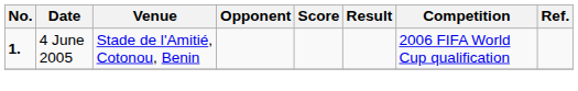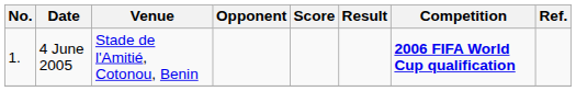 <table class="wikitable" style="font-size:100%;">
 <tr>
 <th>No.</th>
 <th>Date</th>
 <th>Venue</th>
 <th>Opponent</th>
 <th>Score</th>
 <th>Result</th>
 <th>Competition</th>
 <th>Ref.</th>
 </tr>
 <tr>
-<td><strong>1.</strong></td>
+<td>1.</td>
 <td>4 June 2005</td>
 <td><a href='#'>Stade de l'Amitié</a>, <a href='#'>Cotonou</a>, <a href='#'>Benin</a></td>
 <td></td>
 <td></td>
 <td></td>
-<td><a href='#'>2006 FIFA World Cup qualification</a></td>
+<td><strong><a href='#'>2006 FIFA World Cup qualification</a></strong></td>
 <td></td>
 </tr>
 <tr>
 </tr>
 </table>
